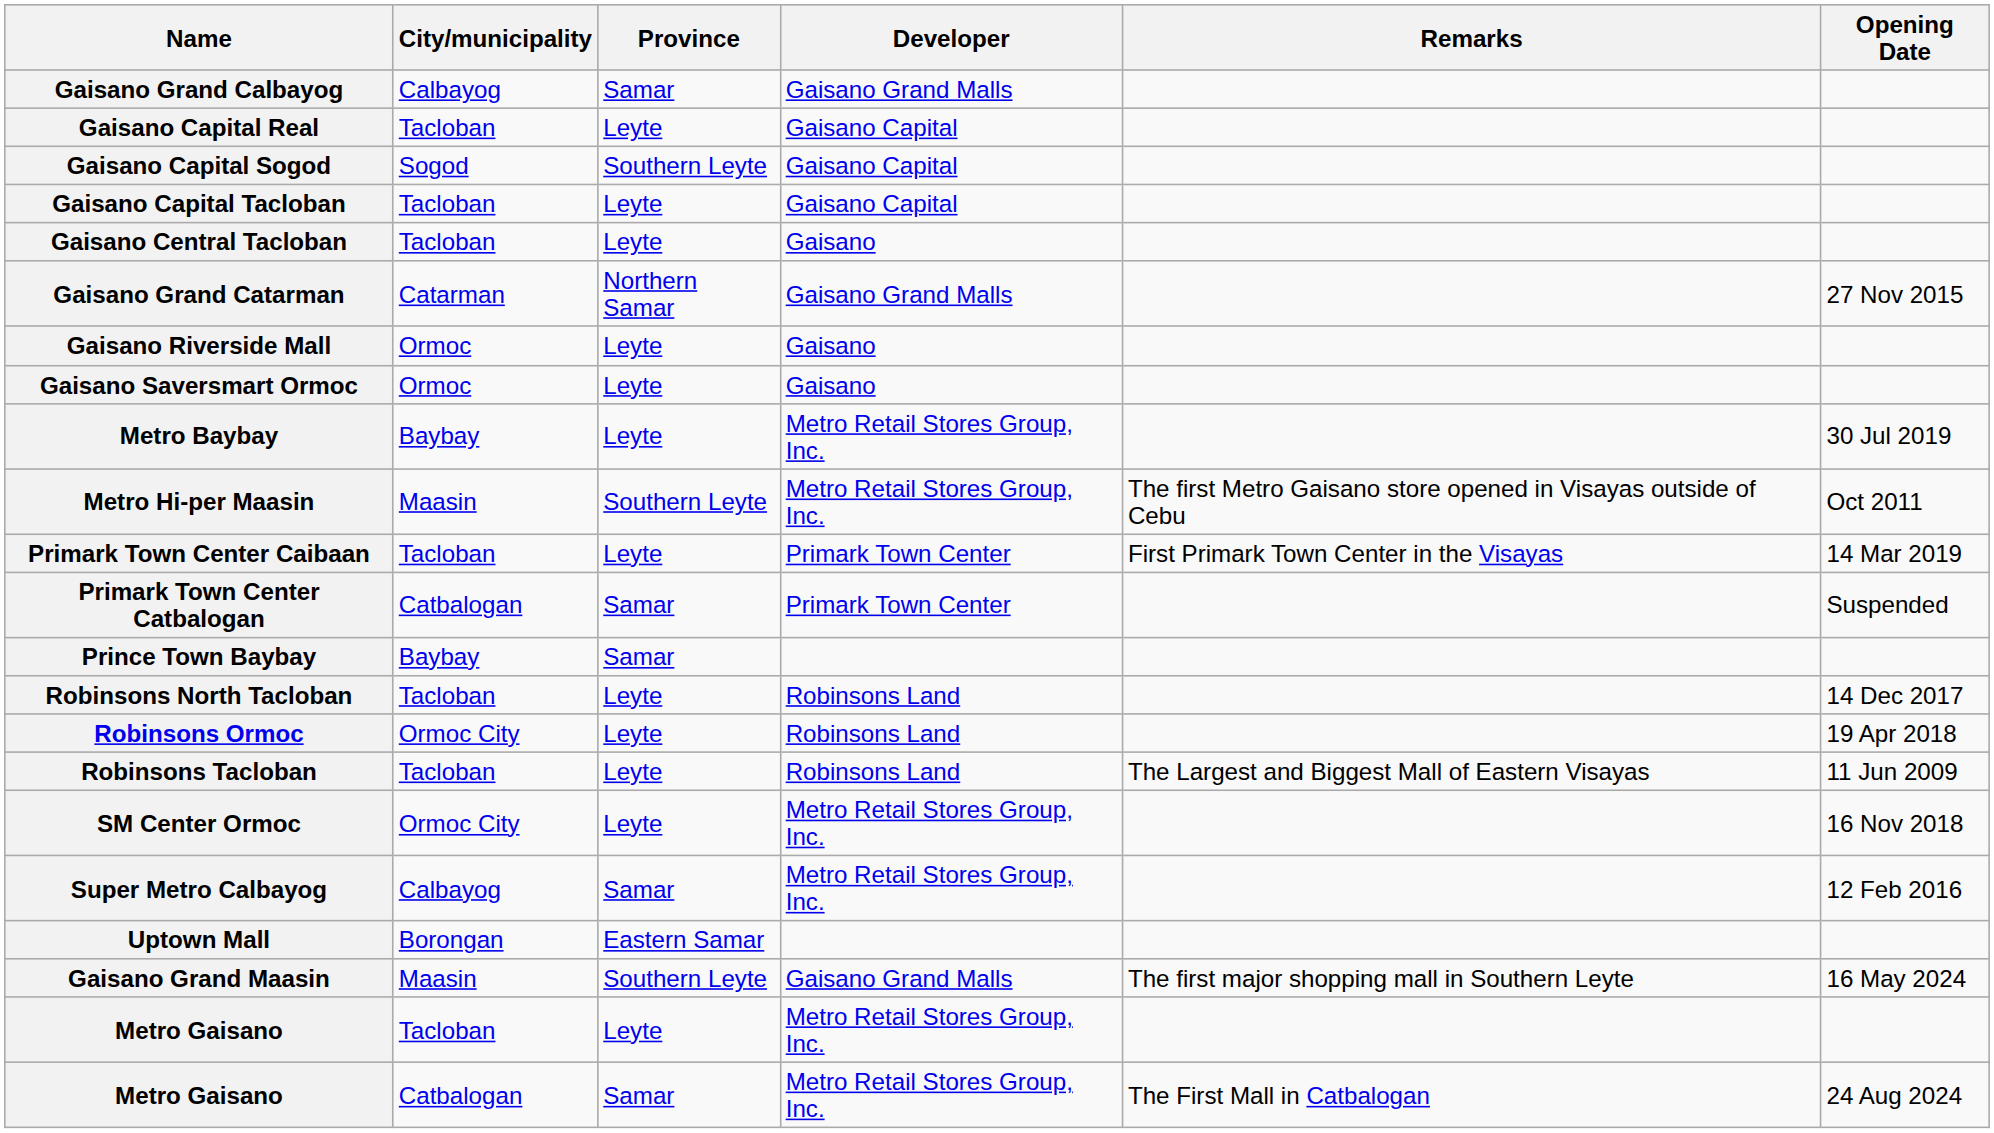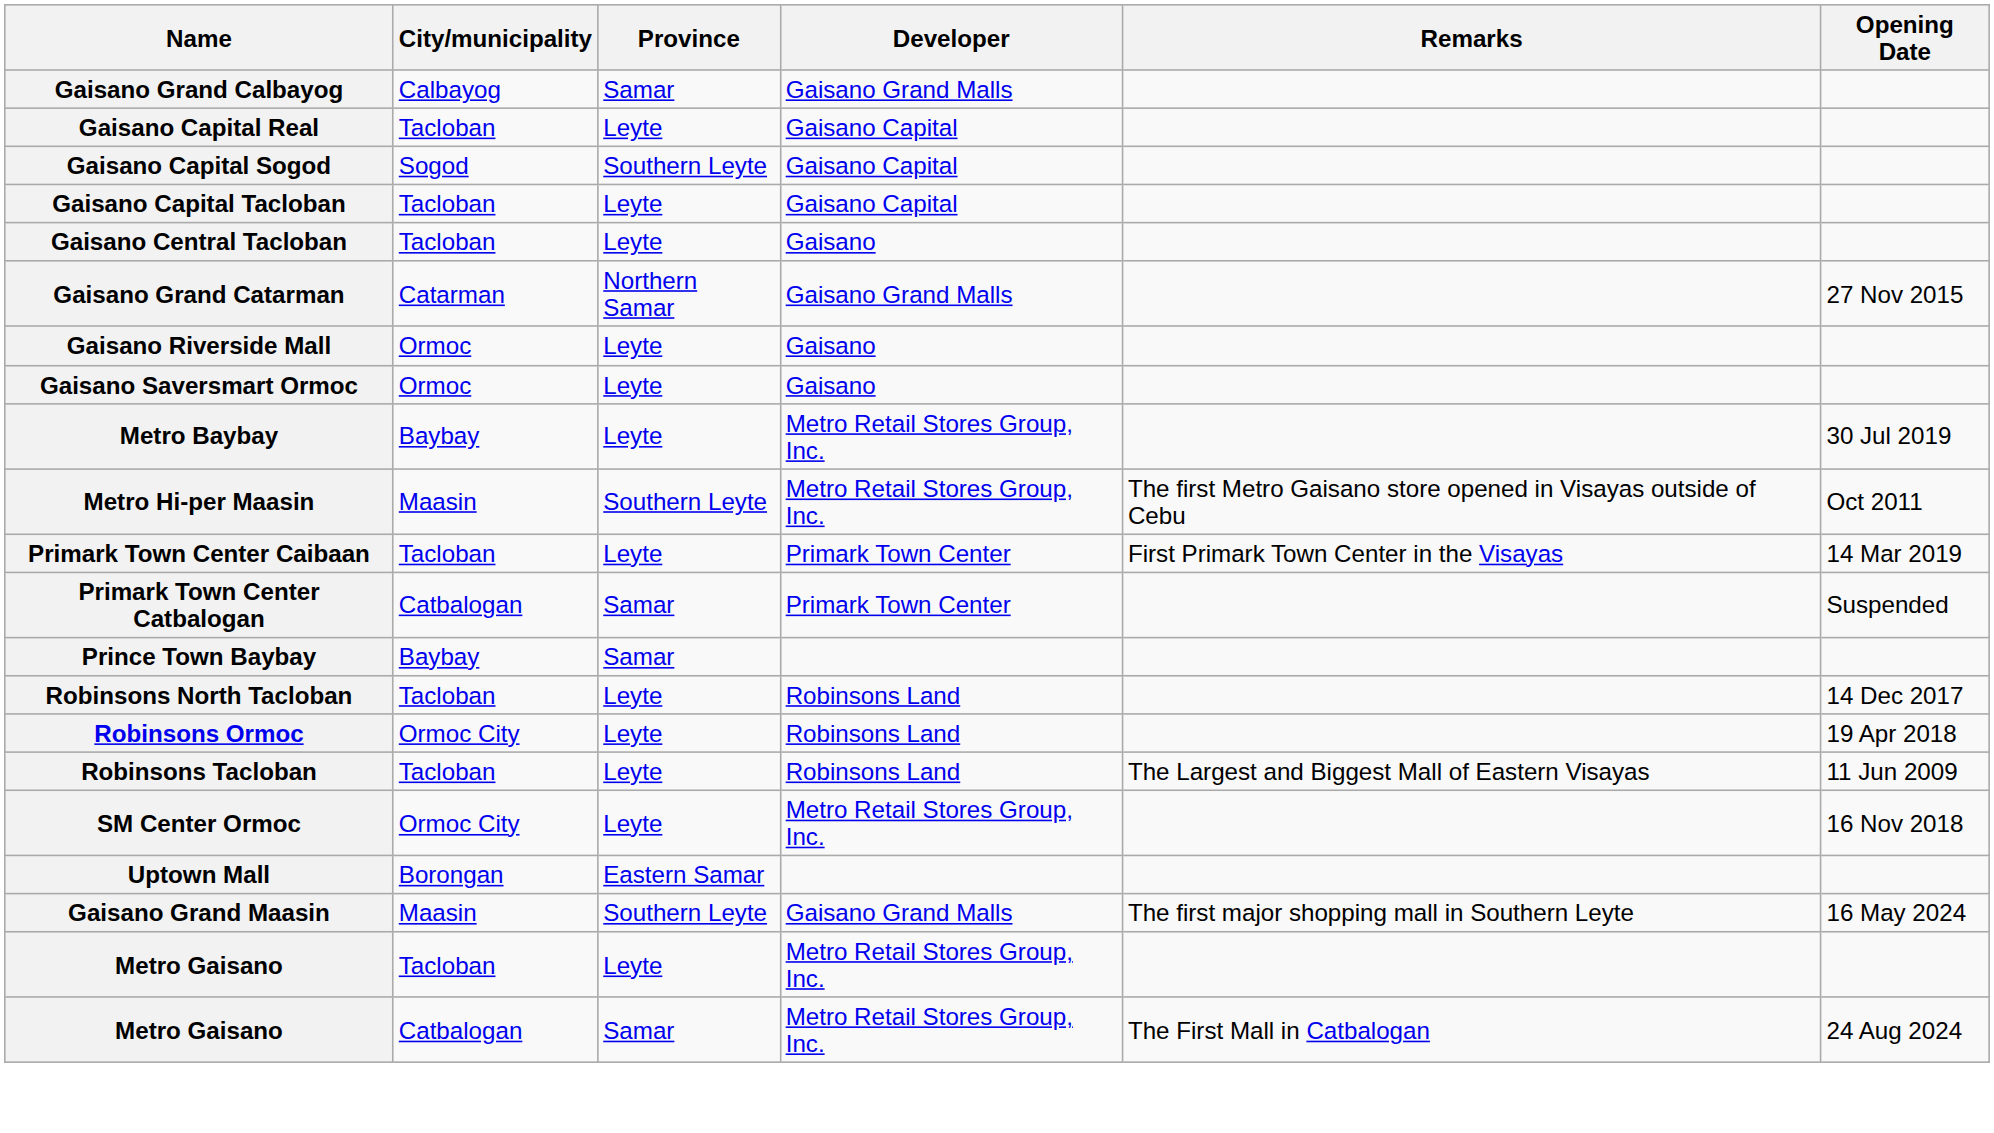 <table class="wikitable sortable plainrowheaders" style="font-size:95%;">
 <tr>
 <th scope="col">Name</th>
 <th scope="col">City/municipality</th>
 <th scope="col">Prоvince</th>
 <th scope="col">Developer</th>
 <th scope="col" class="unsortable">Remarks</th>
 <th scope="col">Opening Date</th>
 </tr>
 <tr>
 <th scope="row">Gaisano Grand Calbayog</th>
 <td><a href='#'>Calbayog</a></td>
 <td><a href='#'>Samar</a></td>
 <td><a href='#'>Gaisano Grand Malls</a></td>
 <td></td>
 <td></td>
 </tr>
 <tr>
 <th scope="row">Gaisano Capital Real</th>
 <td><a href='#'>Tacloban</a></td>
 <td><a href='#'>Leyte</a></td>
 <td><a href='#'>Gaisano Capital</a></td>
 <td></td>
 <td></td>
 </tr>
 <tr>
 <th scope="row">Gaisano Capital Sogod</th>
 <td><a href='#'>Sogod</a></td>
 <td><a href='#'>Southern Leyte</a></td>
 <td><a href='#'>Gaisano Capital</a></td>
 <td></td>
 <td></td>
 </tr>
 <tr>
 <th scope="row">Gaisano Capital Tacloban</th>
 <td><a href='#'>Tacloban</a></td>
 <td><a href='#'>Leyte</a></td>
 <td><a href='#'>Gaisano Capital</a></td>
 <td></td>
 <td></td>
 </tr>
 <tr>
 <th scope="row">Gaisano Central Tacloban</th>
 <td><a href='#'>Tacloban</a></td>
 <td><a href='#'>Leyte</a></td>
 <td><a href='#'>Gaisano</a></td>
 <td></td>
 <td></td>
 </tr>
 <tr>
 <th scope="row">Gaisano Grand Catarman</th>
 <td><a href='#'>Catarman</a></td>
 <td><a href='#'>Northern Samar</a></td>
 <td><a href='#'>Gaisano Grand Malls</a></td>
 <td></td>
 <td>27 Nov 2015</td>
 </tr>
 <tr>
 <th scope="row">Gaisano Riverside Mall</th>
 <td><a href='#'>Ormoc</a></td>
 <td><a href='#'>Leyte</a></td>
 <td><a href='#'>Gaisano</a></td>
 <td></td>
 <td></td>
 </tr>
 <tr>
 <th scope="row">Gaisano Saversmart Ormoc</th>
 <td><a href='#'>Ormoc</a></td>
 <td><a href='#'>Leyte</a></td>
 <td><a href='#'>Gaisano</a></td>
 <td></td>
 <td></td>
 </tr>
 <tr>
 <th scope="row">Metro Baybay</th>
 <td><a href='#'>Baybay</a></td>
 <td><a href='#'>Leyte</a></td>
 <td><a href='#'>Metro Retail Stores Group, Inc.</a></td>
 <td></td>
 <td>30 Jul 2019</td>
 </tr>
 <tr>
 <th scope="row">Metro Hi-per Maasin</th>
 <td><a href='#'>Maasin</a></td>
 <td><a href='#'>Southern Leyte</a></td>
 <td><a href='#'>Metro Retail Stores Group, Inc.</a></td>
 <td>The first Metro Gaisano store opened in Visayas outside of Cebu</td>
 <td>Oct 2011</td>
 </tr>
 <tr>
 <th scope="row">Primark Town Center Caibaan</th>
 <td><a href='#'>Tacloban</a></td>
 <td><a href='#'>Leyte</a></td>
 <td><a href='#'>Primark Town Center</a></td>
 <td>First Primark Town Center in the <a href='#'>Visayas</a></td>
 <td>14 Mar 2019</td>
 </tr>
 <tr>
 <th scope="row">Primark Town Center Catbalogan</th>
 <td><a href='#'>Catbalogan</a></td>
 <td><a href='#'>Samar</a></td>
 <td><a href='#'>Primark Town Center</a></td>
 <td></td>
 <td>Suspended</td>
 </tr>
 <tr>
 <th scope="row">Prince Town Baybay</th>
 <td><a href='#'>Baybay</a></td>
 <td><a href='#'>Samar</a></td>
 <td></td>
 <td></td>
 <td></td>
 </tr>
 <tr>
 <th scope="row">Robinsons North Tacloban</th>
 <td><a href='#'>Tacloban</a></td>
 <td><a href='#'>Leyte</a></td>
 <td><a href='#'>Robinsons Land</a></td>
 <td></td>
 <td>14 Dec 2017</td>
 </tr>
 <tr>
 <th scope="row"><a href='#'>Robinsons Ormoc</a></th>
 <td><a href='#'>Ormoc City</a></td>
 <td><a href='#'>Leyte</a></td>
 <td><a href='#'>Robinsons Land</a></td>
 <td></td>
 <td>19 Apr 2018</td>
 </tr>
 <tr>
 <th scope="row">Robinsons Tacloban</th>
 <td><a href='#'>Tacloban</a></td>
 <td><a href='#'>Leyte</a></td>
 <td><a href='#'>Robinsons Land</a></td>
 <td>The Largest and Biggest Mall of Eastern Visayas</td>
 <td>11 Jun 2009</td>
 </tr>
 <tr>
 <th scope="row">SM Center Ormoc</th>
 <td><a href='#'>Ormoc City</a></td>
 <td><a href='#'>Leyte</a></td>
 <td><a href='#'>Metro Retail Stores Group, Inc.</a></td>
 <td></td>
 <td>16 Nov 2018</td>
 </tr>
 <tr>
-<th scope="row">Super Metro Calbayog</th>
-<td><a href='#'>Calbayog</a></td>
-<td><a href='#'>Samar</a></td>
-<td><a href='#'>Metro Retail Stores Group, Inc.</a></td>
-<td></td>
-<td>12 Feb 2016</td>
-</tr>
-<tr>
 <th scope="row">Uptown Mall</th>
 <td><a href='#'>Borongan</a></td>
 <td><a href='#'>Eastern Samar</a></td>
 <td></td>
 <td></td>
 <td></td>
 </tr>
 <tr>
 <th scope="row">Gaisano Grand Maasin</th>
 <td><a href='#'>Maasin</a></td>
 <td><a href='#'>Southern Leyte</a></td>
 <td><a href='#'>Gaisano Grand Malls</a></td>
 <td>The first major shopping mall in Southern Leyte</td>
 <td>16 May 2024</td>
 </tr>
 <tr>
 <th scope="row">Metro Gaisano</th>
 <td><a href='#'>Tacloban</a></td>
 <td><a href='#'>Leyte</a></td>
 <td><a href='#'>Metro Retail Stores Group, Inc.</a></td>
 <td></td>
 <td></td>
 </tr>
 <tr>
 <th scope="row">Metro Gaisano</th>
 <td><a href='#'>Catbalogan</a></td>
 <td><a href='#'>Samar</a></td>
 <td><a href='#'>Metro Retail Stores Group, Inc.</a></td>
 <td>The First Mall in <a href='#'>Catbalogan</a></td>
 <td>24 Aug 2024</td>
 </tr>
 </table>
